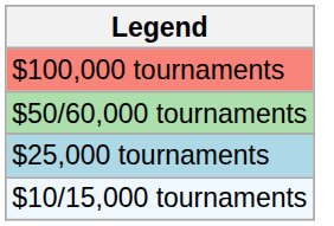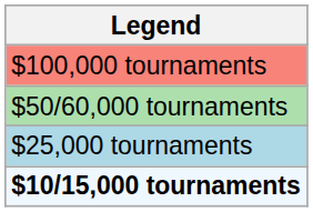 <table class="wikitable" style="font-size:85%">
 <tr>
 <th>Legend</th>
 </tr>
 <tr style="background:#f88379;">
 <td>$100,000 tournaments</td>
 </tr>
 <tr style="background:#addfad;">
 <td>$50/60,000 tournaments</td>
 </tr>
 <tr style="background:lightblue;">
 <td>$25,000 tournaments</td>
 </tr>
 <tr style="background:#f0f8ff;">
-<td>$10/15,000 tournaments</td>
+<td><strong>$10/15,000 tournaments</strong></td>
 </tr>
 </table>
